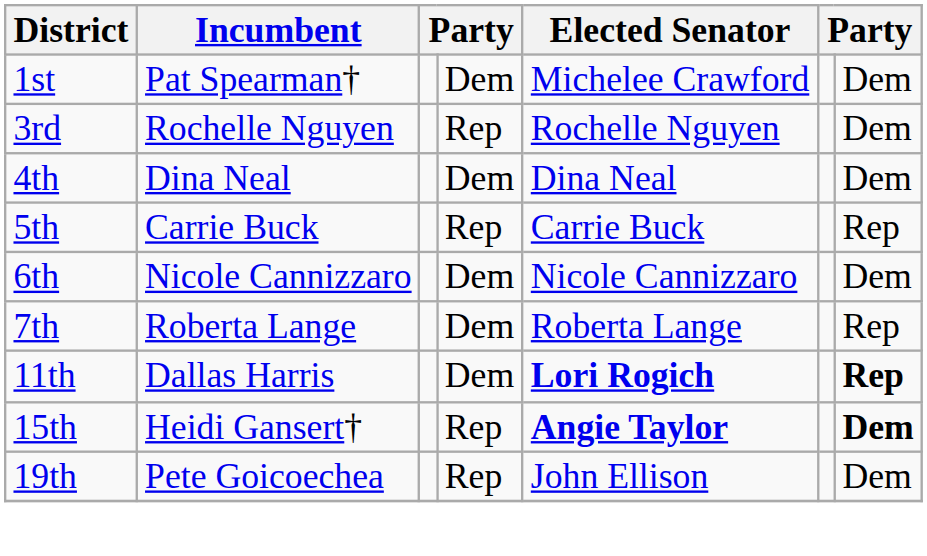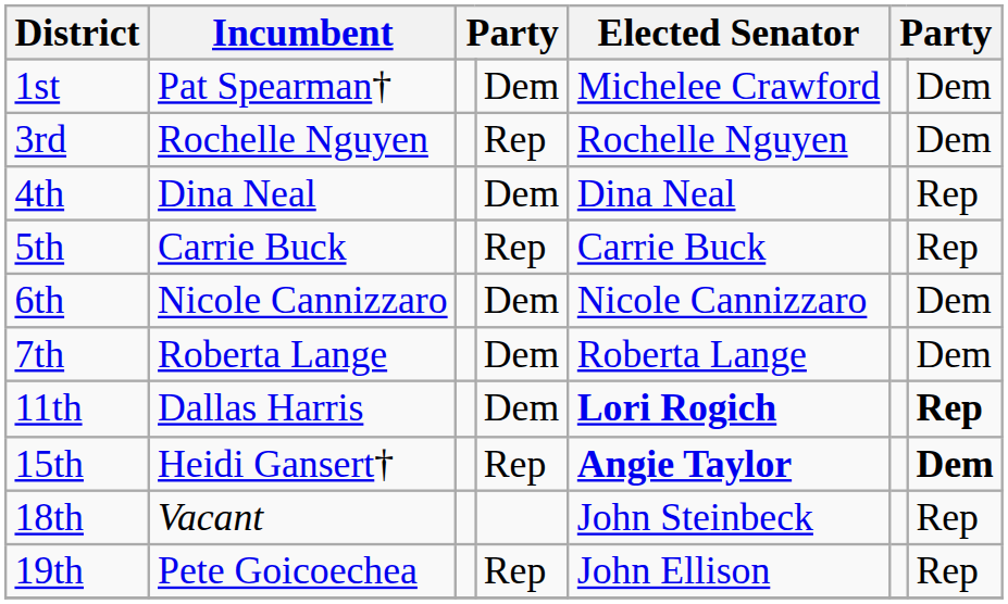 <table class="sortable wikitable" style="font-size:95%;line-height:14px;">
 <tr>
 <th class="sortable">District</th>
 <th class="unsortable"><a href='#'>Incumbent</a></th>
 <th colspan="2">Party</th>
 <th class="unsortable">Elected Senator</th>
 <th colspan="2">Party</th>
 </tr>
 <tr>
 <td><a href='#'>1st</a></td>
 <td><a href='#'>Pat Spearman</a>†</td>
 <td style="background:"></td>
 <td>Dem</td>
 <td><a href='#'>Michelee Crawford</a></td>
 <td style="background:"></td>
 <td>Dem</td>
 </tr>
 <tr>
 <td><a href='#'>3rd</a></td>
 <td><a href='#'>Rochelle Nguyen</a></td>
 <td style="background:"></td>
 <td>Rep</td>
 <td><a href='#'>Rochelle Nguyen</a></td>
 <td style="background:"></td>
 <td>Dem</td>
 </tr>
 <tr>
 <td><a href='#'>4th</a></td>
 <td><a href='#'>Dina Neal</a></td>
 <td style="background:"></td>
 <td>Dem</td>
 <td><a href='#'>Dina Neal</a></td>
 <td style="background:"></td>
-<td>Dem</td>
+<td>Rep</td>
 </tr>
 <tr>
 <td><a href='#'>5th</a></td>
 <td><a href='#'>Carrie Buck</a></td>
 <td style="background:"></td>
 <td>Rep</td>
 <td><a href='#'>Carrie Buck</a></td>
 <td style="background:"></td>
 <td>Rep</td>
 </tr>
 <tr>
 <td><a href='#'>6th</a></td>
 <td><a href='#'>Nicole Cannizzaro</a></td>
 <td style="background:"></td>
 <td>Dem</td>
 <td><a href='#'>Nicole Cannizzaro</a></td>
 <td style="background:"></td>
 <td>Dem</td>
 </tr>
 <tr>
 <td><a href='#'>7th</a></td>
 <td><a href='#'>Roberta Lange</a></td>
 <td style="background:"></td>
 <td>Dem</td>
 <td><a href='#'>Roberta Lange</a></td>
 <td style="background:"></td>
-<td>Rep</td>
+<td>Dem</td>
 </tr>
 <tr>
 <td><a href='#'>11th</a></td>
 <td><a href='#'>Dallas Harris</a></td>
 <td style="background:"></td>
 <td>Dem</td>
 <td><strong> <a href='#'>Lori Rogich</a></strong></td>
 <td style="background:"></td>
 <td><strong>Rep</strong></td>
 </tr>
 <tr>
 <td><a href='#'>15th</a></td>
 <td><a href='#'>Heidi Gansert</a>†</td>
 <td style="background:"></td>
 <td>Rep</td>
 <td><strong><a href='#'>Angie Taylor</a></strong></td>
 <td style="background:"></td>
 <td><strong>Dem</strong></td>
 </tr>
 <tr>
+<td><a href='#'>18th</a></td>
+<td><em>Vacant</em></td>
+<td></td>
+<td></td>
+<td><a href='#'>John Steinbeck</a></td>
+<td style="background:"></td>
+<td>Rep</td>
+</tr>
+<tr>
 <td><a href='#'>19th</a></td>
 <td><a href='#'>Pete Goicoechea</a></td>
 <td style="background:"></td>
 <td>Rep</td>
 <td><a href='#'>John Ellison</a></td>
 <td style="background:"></td>
-<td>Dem</td>
+<td>Rep</td>
 </tr>
 <tr>
 </tr>
 </table>
